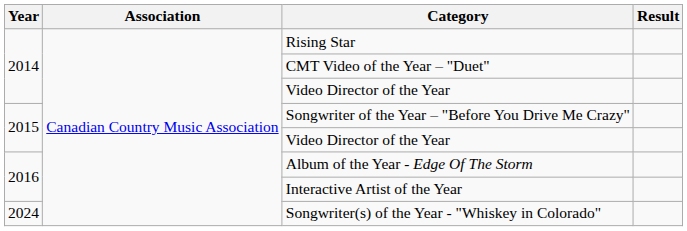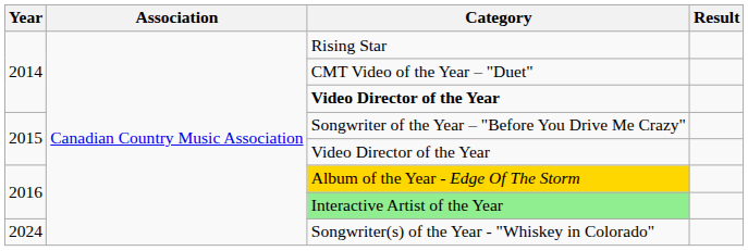 <table class="wikitable">
 <tr>
 <th>Year</th>
 <th>Association</th>
 <th>Category</th>
 <th>Result</th>
 </tr>
 <tr>
 <td rowspan="3">2014</td>
 <td rowspan="8"><a href='#'>Canadian Country Music Association</a></td>
 <td>Rising Star</td>
 <td></td>
 </tr>
 <tr>
 <td>CMT Video of the Year – "Duet"</td>
 <td></td>
 </tr>
 <tr>
-<td>Video Director of the Year</td>
+<td><strong>Video Director of the Year</strong></td>
 <td></td>
 </tr>
 <tr>
 <td rowspan="2">2015</td>
 <td>Songwriter of the Year – "Before You Drive Me Crazy"</td>
 <td></td>
 </tr>
 <tr>
 <td>Video Director of the Year</td>
 <td></td>
 </tr>
 <tr>
 <td rowspan=2>2016</td>
-<td>Album of the Year - <em>Edge Of The Storm</em></td>
+<td style="background: gold;">Album of the Year - <em>Edge Of The Storm</em></td>
 <td></td>
 </tr>
 <tr>
-<td>Interactive Artist of the Year</td>
+<td style="background: lightgreen;">Interactive Artist of the Year</td>
 <td></td>
 </tr>
 <tr>
 <td>2024</td>
 <td>Songwriter(s) of the Year - "Whiskey in Colorado"</td>
 <td></td>
 </tr>
 </table>
